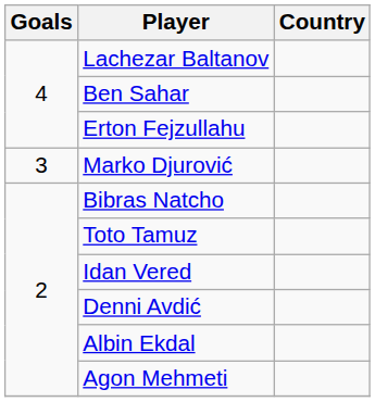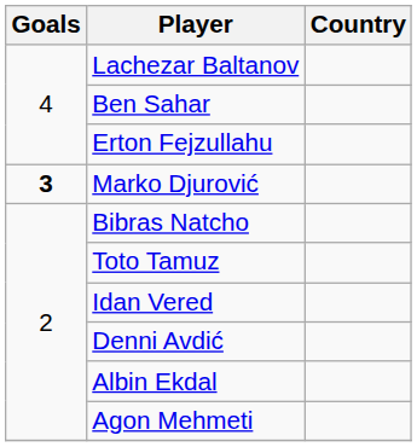 <table class="wikitable" style="text-align: left;">
 <tr>
 <th>Goals</th>
 <th>Player</th>
 <th>Country</th>
 </tr>
 <tr>
 <td rowspan=3 align=center>4</td>
 <td><a href='#'>Lachezar Baltanov</a></td>
 <td></td>
 </tr>
 <tr>
 <td><a href='#'>Ben Sahar</a></td>
 <td></td>
 </tr>
 <tr>
 <td><a href='#'>Erton Fejzullahu</a></td>
 <td></td>
 </tr>
 <tr>
-<td rowspan=1 align=center>3</td>
+<td rowspan=1 align=center><strong>3</strong></td>
 <td><a href='#'>Marko Djurović</a></td>
 <td></td>
 </tr>
 <tr>
 <td rowspan=6 align=center>2</td>
 <td><a href='#'>Bibras Natcho</a></td>
 <td></td>
 </tr>
 <tr>
 <td><a href='#'>Toto Tamuz</a></td>
 <td></td>
 </tr>
 <tr>
 <td><a href='#'>Idan Vered</a></td>
 <td></td>
 </tr>
 <tr>
 <td><a href='#'>Denni Avdić</a></td>
 <td></td>
 </tr>
 <tr>
 <td><a href='#'>Albin Ekdal</a></td>
 <td></td>
 </tr>
 <tr>
 <td><a href='#'>Agon Mehmeti</a></td>
 <td></td>
 </tr>
 <tr>
 </tr>
 </table>
